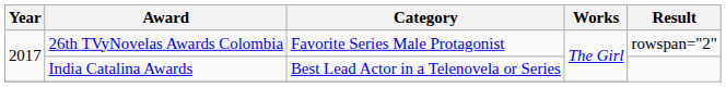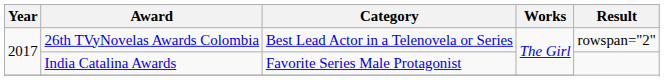 <table class="wikitable plainrowheaders">
 <tr>
 <th scope="col">Year</th>
 <th scope="col">Award</th>
 <th scope="col">Category</th>
 <th scope="col">Works</th>
 <th scope="col">Result</th>
 </tr>
 <tr>
 <td rowspan="2">2017</td>
 <td rowspan="1"><a href='#'>26th TVyNovelas Awards Colombia</a></td>
-<td><a href='#'>Favorite Series Male Protagonist</a></td>
+<td><a href='#'>Best Lead Actor in a Telenovela or Series</a></td>
 <td rowspan="2"><em><a href='#'>The Girl</a></em></td>
 <td>rowspan="2" </td>
 </tr>
 <tr>
 <td rowspan="1"><a href='#'>India Catalina Awards</a></td>
-<td><a href='#'>Best Lead Actor in a Telenovela or Series</a></td>
+<td><a href='#'>Favorite Series Male Protagonist</a></td>
 </tr>
 <tr>
 </tr>
 </table>
